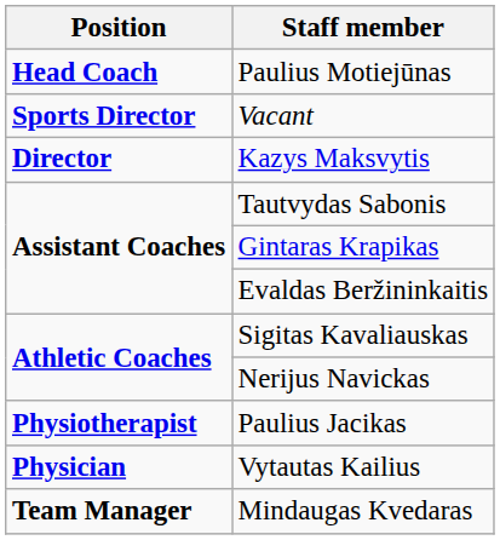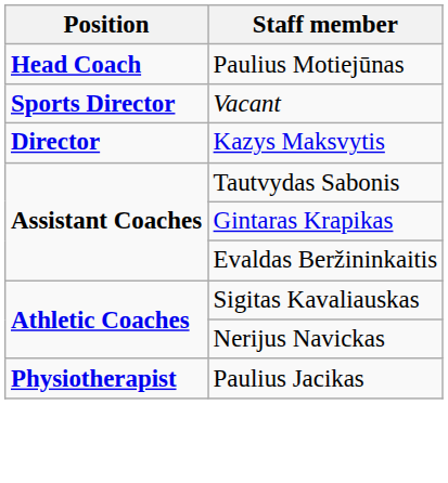 <table class="wikitable">
 <tr>
 <th>Position</th>
 <th>Staff member</th>
 </tr>
 <tr>
 <td><strong><a href='#'>Head Coach</a></strong></td>
 <td> Paulius Motiejūnas</td>
 </tr>
 <tr>
 <td><strong><a href='#'>Sports Director</a></strong></td>
 <td><em>Vacant</em></td>
 </tr>
 <tr>
 <td><strong><a href='#'>Director</a></strong></td>
 <td> <a href='#'>Kazys Maksvytis</a></td>
 </tr>
 <tr>
 <td rowspan=3><strong>Assistant Coaches</strong></td>
 <td> Tautvydas Sabonis</td>
 </tr>
 <tr>
 <td> <a href='#'>Gintaras Krapikas</a></td>
 </tr>
 <tr>
 <td> Evaldas Beržininkaitis</td>
 </tr>
 <tr>
 <td rowspan=2><strong><a href='#'>Athletic Coaches</a></strong></td>
 <td>  Sigitas Kavaliauskas</td>
 </tr>
 <tr>
 <td> Nerijus Navickas</td>
 </tr>
 <tr>
 <td><strong><a href='#'>Physiotherapist</a></strong></td>
 <td> Paulius Jacikas</td>
 </tr>
-<tr>
-<td><strong><a href='#'>Physician</a></strong></td>
-<td> Vytautas Kailius</td>
-</tr>
-<tr>
-<td><strong>Team Manager</strong></td>
-<td> Mindaugas Kvedaras</td>
-</tr>
 </table>
